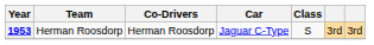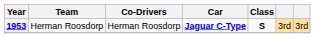 <table class="wikitable" style="font-size:90%">
 <tr>
 <th>Year</th>
 <th>Team</th>
 <th>Co-Drivers</th>
 <th>Car</th>
 <th>Class</th>
 <th></th>
 <th></th>
 </tr>
 <tr align="center">
 <th><a href='#'>1953</a></th>
 <td align="left"> Herman Roosdorp</td>
 <td align="left"> Herman Roosdorp</td>
-<td align="left"><a href='#'>Jaguar C-Type</a></td>
-<td>S</td>
+<td align="left"><strong><a href='#'>Jaguar C-Type</a></strong></td>
+<td><strong>S</strong></td>
 <td style="background:#ffdf9f;">3rd</td>
 <td style="background:#ffdf9f;">3rd</td>
 </tr>
 <tr align="center">
 </tr>
 </table>
